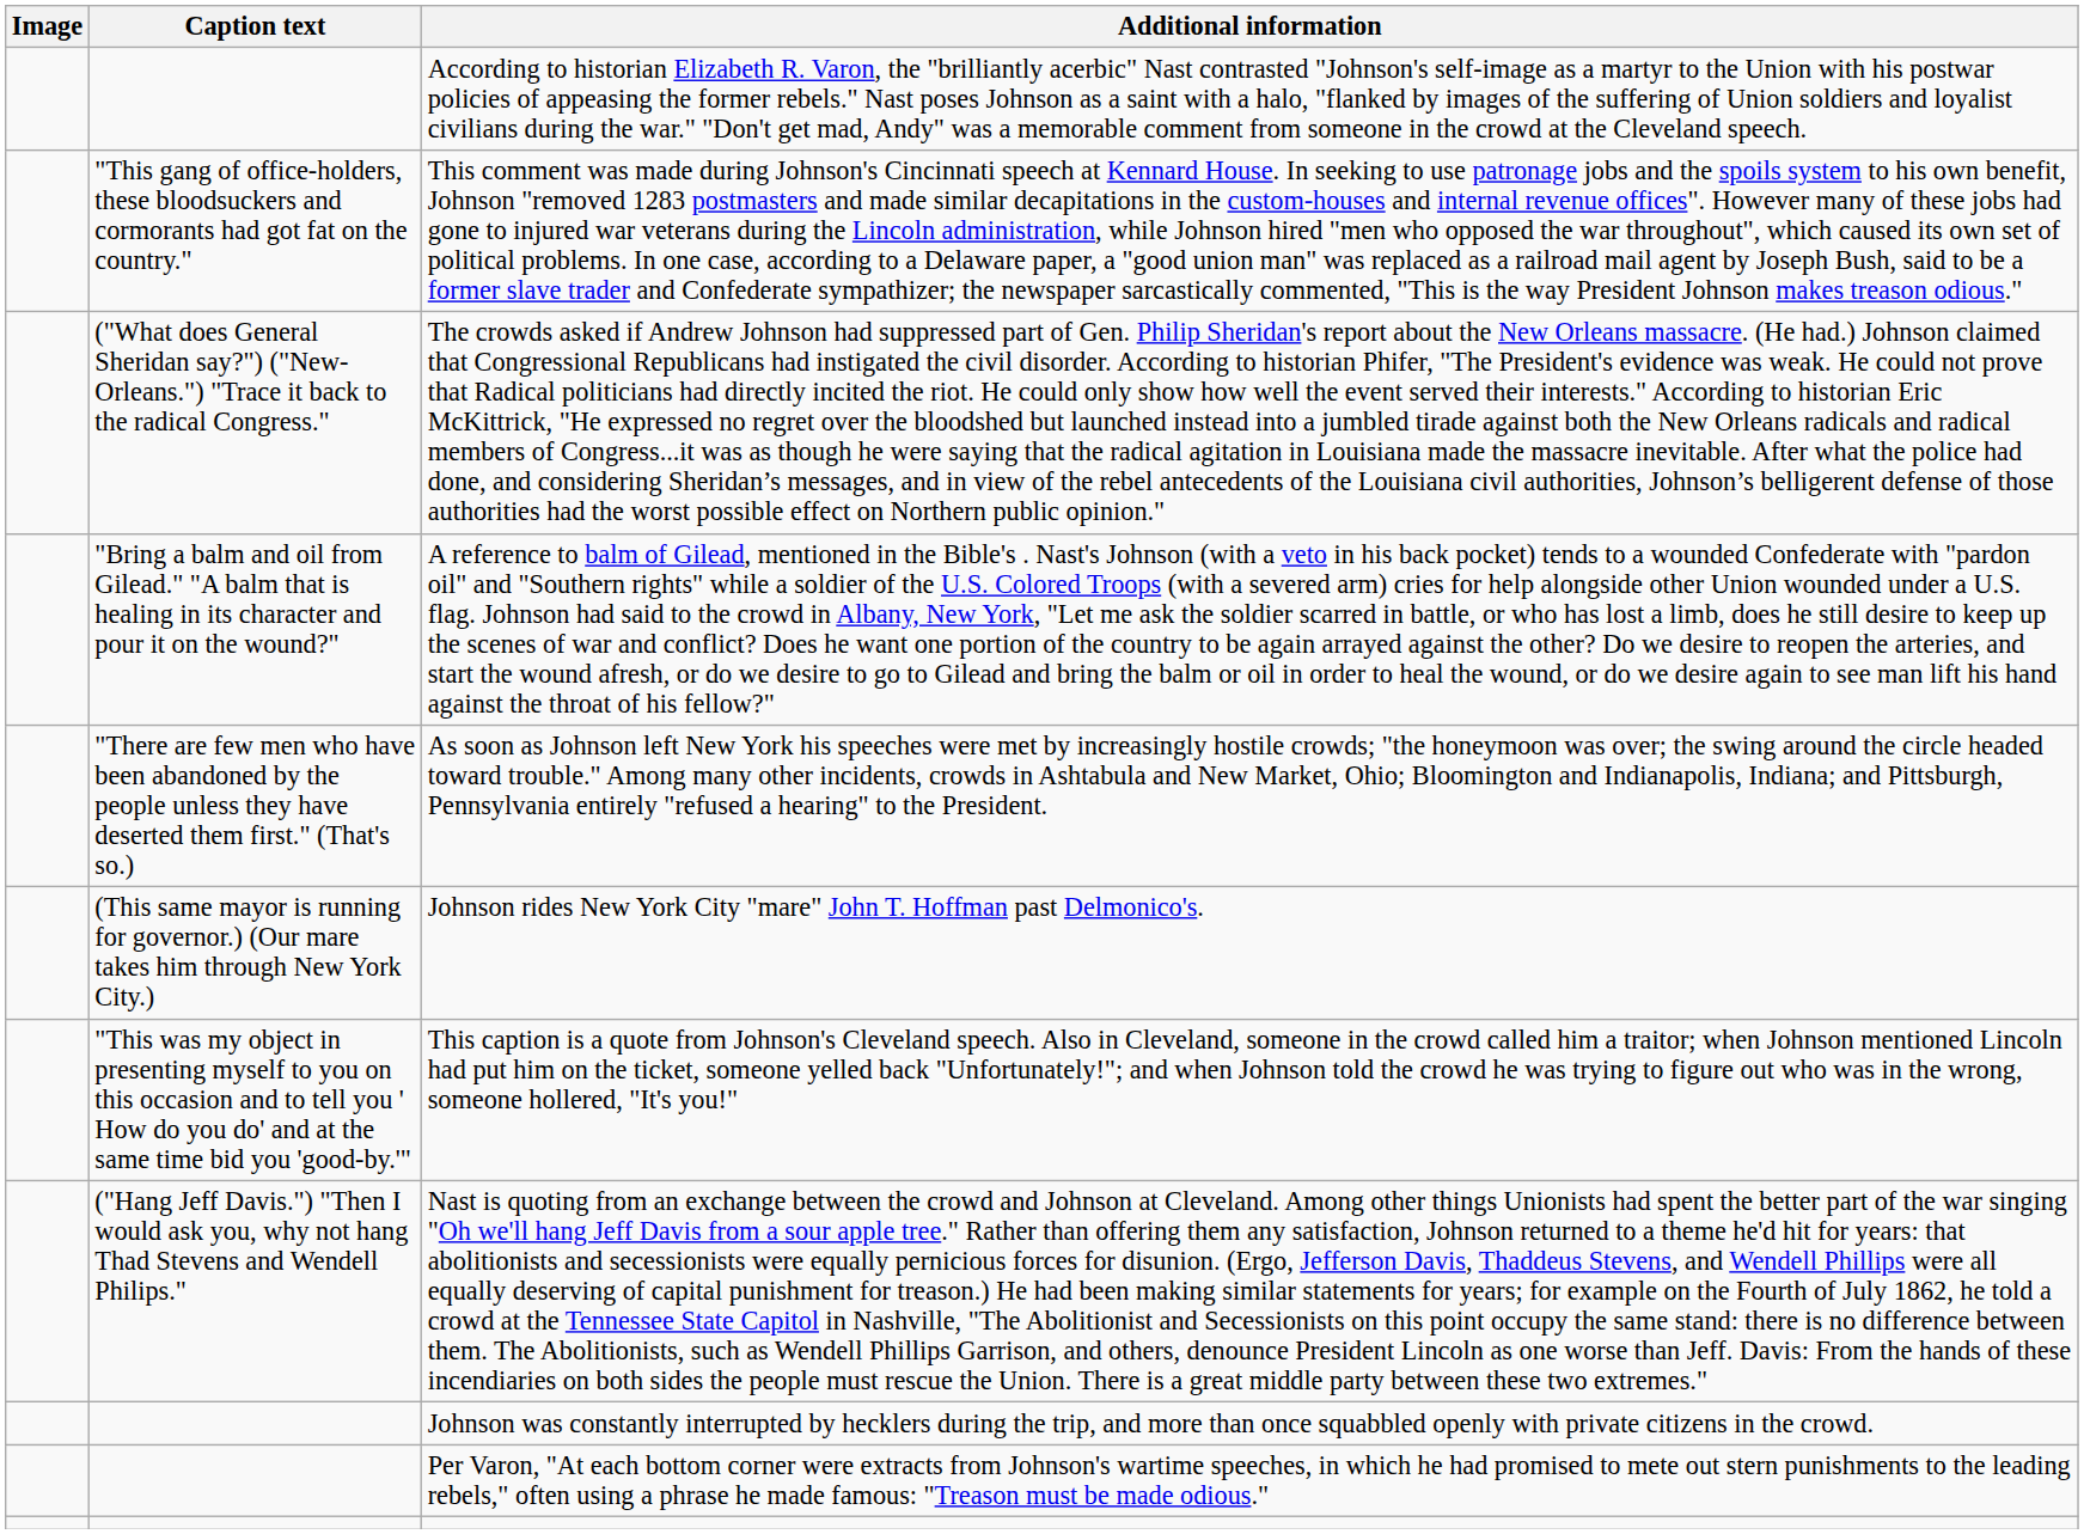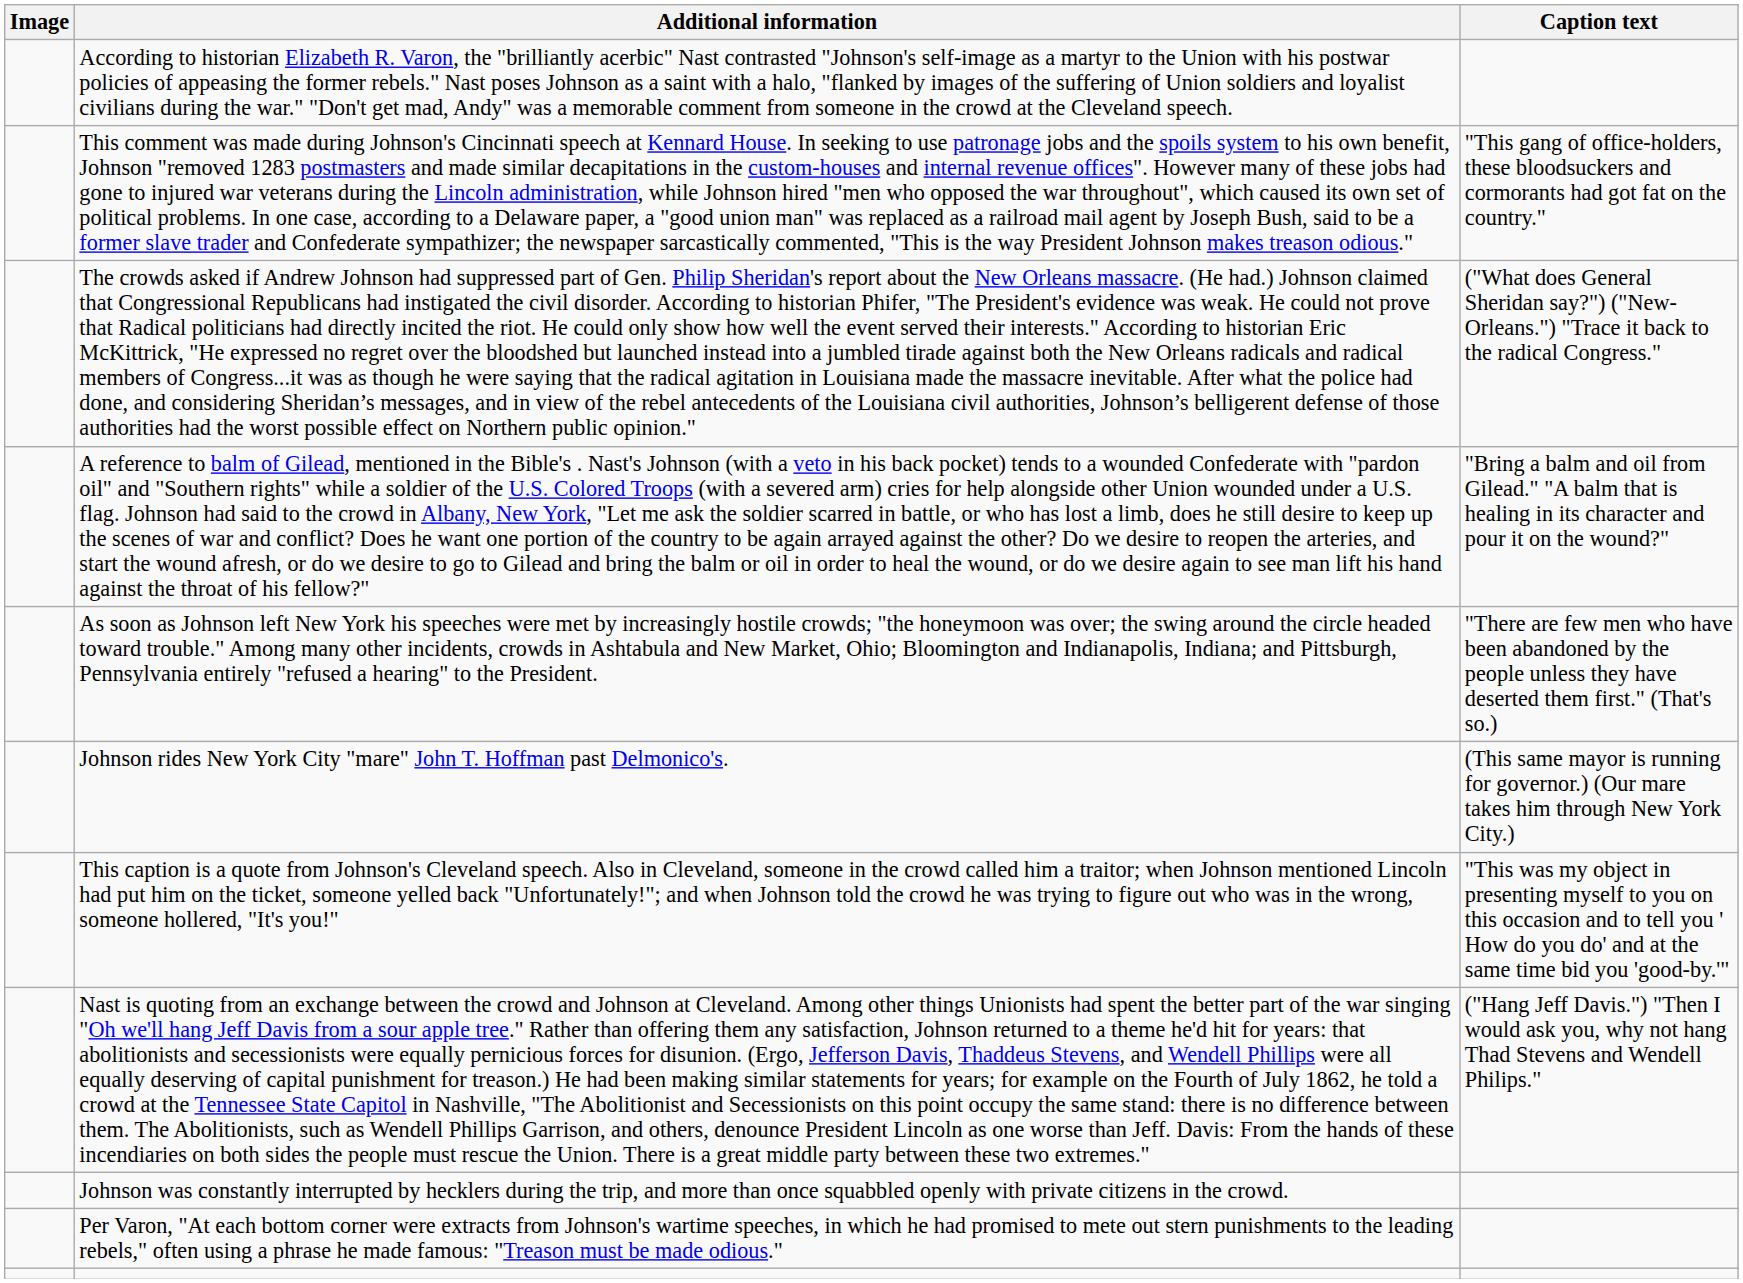 <table class="wikitable">
 <tr>
 <th>Image</th>
+<th>Additional information</th>
 <th>Caption text</th>
-<th>Additional information</th>
 </tr>
 <tr valign="top">
 <td></td>
+<td>According to historian <a href='#'>Elizabeth R. Varon</a>, the "brilliantly acerbic" Nast contrasted "Johnson's self-image as a martyr to the Union with his postwar policies of appeasing the former rebels." Nast poses Johnson as a saint with a halo, "flanked by images of the suffering of Union soldiers and loyalist civilians during the war." "Don't get mad, Andy" was a memorable comment from someone in the crowd at the Cleveland speech.</td>
 <td><br></td>
-<td>According to historian <a href='#'>Elizabeth R. Varon</a>, the "brilliantly acerbic" Nast contrasted "Johnson's self-image as a martyr to the Union with his postwar policies of appeasing the former rebels." Nast poses Johnson as a saint with a halo, "flanked by images of the suffering of Union soldiers and loyalist civilians during the war." "Don't get mad, Andy" was a memorable comment from someone in the crowd at the Cleveland speech.</td>
 </tr>
 <tr valign="top">
 <td></td>
+<td>This comment was made during Johnson's Cincinnati speech at <a href='#'>Kennard House</a>. In seeking to use <a href='#'>patronage</a> jobs and the <a href='#'>spoils system</a> to his own benefit, Johnson "removed 1283 <a href='#'>postmasters</a> and made similar decapitations in the <a href='#'>custom-houses</a> and <a href='#'>internal revenue offices</a>". However many of these jobs had gone to injured war veterans during the <a href='#'>Lincoln administration</a>, while Johnson hired "men who opposed the war throughout", which caused its own set of political problems. In one case, according to a Delaware paper, a "good union man" was replaced as a railroad mail agent by Joseph Bush, said to be a <a href='#'>former slave trader</a> and Confederate sympathizer; the newspaper sarcastically commented, "This is the way President Johnson <a href='#'>makes treason odious</a>."</td>
 <td>"This gang of office-holders, these bloodsuckers and cormorants had got fat on the country."</td>
-<td>This comment was made during Johnson's Cincinnati speech at <a href='#'>Kennard House</a>. In seeking to use <a href='#'>patronage</a> jobs and the <a href='#'>spoils system</a> to his own benefit, Johnson "removed 1283 <a href='#'>postmasters</a> and made similar decapitations in the <a href='#'>custom-houses</a> and <a href='#'>internal revenue offices</a>". However many of these jobs had gone to injured war veterans during the <a href='#'>Lincoln administration</a>, while Johnson hired "men who opposed the war throughout", which caused its own set of political problems. In one case, according to a Delaware paper, a "good union man" was replaced as a railroad mail agent by Joseph Bush, said to be a <a href='#'>former slave trader</a> and Confederate sympathizer; the newspaper sarcastically commented, "This is the way President Johnson <a href='#'>makes treason odious</a>."</td>
 </tr>
 <tr valign="top">
 <td></td>
+<td>The crowds asked if Andrew Johnson had suppressed part of Gen. <a href='#'>Philip Sheridan</a>'s report about the <a href='#'>New Orleans massacre</a>. (He had.) Johnson claimed that Congressional Republicans had instigated the civil disorder. According to historian Phifer, "The President's evidence was weak. He could not prove that Radical politicians had directly incited the riot. He could only show how well the event served their interests." According to historian Eric McKittrick, "He expressed no regret over the bloodshed but launched instead into a jumbled tirade against both the New Orleans radicals and radical members of Congress...it was as though he were saying that the radical agitation in Louisiana made the massacre inevitable. After what the police had done, and considering Sheridan’s messages, and in view of the rebel antecedents of the Louisiana civil authorities, Johnson’s belligerent defense of those authorities had the worst possible effect on Northern public opinion."</td>
 <td>("What does General Sheridan say?") ("New-Orleans.") "Trace it back to the radical Congress."</td>
-<td>The crowds asked if Andrew Johnson had suppressed part of Gen. <a href='#'>Philip Sheridan</a>'s report about the <a href='#'>New Orleans massacre</a>. (He had.) Johnson claimed that Congressional Republicans had instigated the civil disorder. According to historian Phifer, "The President's evidence was weak. He could not prove that Radical politicians had directly incited the riot. He could only show how well the event served their interests." According to historian Eric McKittrick, "He expressed no regret over the bloodshed but launched instead into a jumbled tirade against both the New Orleans radicals and radical members of Congress...it was as though he were saying that the radical agitation in Louisiana made the massacre inevitable. After what the police had done, and considering Sheridan’s messages, and in view of the rebel antecedents of the Louisiana civil authorities, Johnson’s belligerent defense of those authorities had the worst possible effect on Northern public opinion."</td>
 </tr>
 <tr valign="top">
 <td></td>
+<td>A reference to <a href='#'>balm of Gilead</a>, mentioned in the Bible's . Nast's Johnson (with a <a href='#'>veto</a> in his back pocket) tends to a wounded Confederate with "pardon oil" and "Southern rights" while a soldier of the <a href='#'>U.S. Colored Troops</a> (with a severed arm) cries for help alongside other Union wounded under a U.S. flag. Johnson had said to the crowd in <a href='#'>Albany, New York</a>, "Let me ask the soldier scarred in battle, or who has lost a limb, does he still desire to keep up the scenes of war and conflict? Does he want one portion of the country to be again arrayed against the other? Do we desire to reopen the arteries, and start the wound afresh, or do we desire to go to Gilead and bring the balm or oil in order to heal the wound, or do we desire again to see man lift his hand against the throat of his fellow?"</td>
 <td>"Bring a balm and oil from Gilead." "A balm that is healing in its character and pour it on the wound?"</td>
-<td>A reference to <a href='#'>balm of Gilead</a>, mentioned in the Bible's . Nast's Johnson (with a <a href='#'>veto</a> in his back pocket) tends to a wounded Confederate with "pardon oil" and "Southern rights" while a soldier of the <a href='#'>U.S. Colored Troops</a> (with a severed arm) cries for help alongside other Union wounded under a U.S. flag. Johnson had said to the crowd in <a href='#'>Albany, New York</a>, "Let me ask the soldier scarred in battle, or who has lost a limb, does he still desire to keep up the scenes of war and conflict? Does he want one portion of the country to be again arrayed against the other? Do we desire to reopen the arteries, and start the wound afresh, or do we desire to go to Gilead and bring the balm or oil in order to heal the wound, or do we desire again to see man lift his hand against the throat of his fellow?"</td>
 </tr>
 <tr valign="top">
 <td></td>
+<td>As soon as Johnson left New York his speeches were met by increasingly hostile crowds; "the honeymoon was over; the swing around the circle headed toward trouble." Among many other incidents, crowds in Ashtabula and New Market, Ohio; Bloomington and Indianapolis, Indiana; and Pittsburgh, Pennsylvania entirely "refused a hearing" to the President.</td>
 <td>"There are few men who have been abandoned by the people unless they have deserted them first." (That's so.)</td>
-<td>As soon as Johnson left New York his speeches were met by increasingly hostile crowds; "the honeymoon was over; the swing around the circle headed toward trouble." Among many other incidents, crowds in Ashtabula and New Market, Ohio; Bloomington and Indianapolis, Indiana; and Pittsburgh, Pennsylvania entirely "refused a hearing" to the President.</td>
 </tr>
 <tr valign="top">
 <td></td>
+<td>Johnson rides New York City "mare" <a href='#'>John T. Hoffman</a> past <a href='#'>Delmonico's</a>.</td>
 <td>(This same mayor is running for governor.) (Our mare takes him through New York City.)</td>
-<td>Johnson rides New York City "mare" <a href='#'>John T. Hoffman</a> past <a href='#'>Delmonico's</a>.</td>
 </tr>
 <tr valign="top">
 <td></td>
+<td>This caption is a quote from Johnson's Cleveland speech. Also in Cleveland, someone in the crowd called him a traitor; when Johnson mentioned Lincoln had put him on the ticket, someone yelled back "Unfortunately!"; and when Johnson told the crowd he was trying to figure out who was in the wrong, someone hollered, "It's you!"</td>
 <td>"This was my object in presenting myself to you on this occasion and to tell you ' How do you do' and at the same time bid you 'good-by.'"</td>
-<td>This caption is a quote from Johnson's Cleveland speech. Also in Cleveland, someone in the crowd called him a traitor; when Johnson mentioned Lincoln had put him on the ticket, someone yelled back "Unfortunately!"; and when Johnson told the crowd he was trying to figure out who was in the wrong, someone hollered, "It's you!"</td>
 </tr>
 <tr valign="top">
 <td></td>
+<td>Nast is quoting from an exchange between the crowd and Johnson at Cleveland. Among other things Unionists had spent the better part of the war singing "<a href='#'>Oh we'll hang Jeff Davis from a sour apple tree</a>." Rather than offering them any satisfaction, Johnson returned to a theme he'd hit for years: that abolitionists and secessionists were equally pernicious forces for disunion. (Ergo, <a href='#'>Jefferson Davis</a>, <a href='#'>Thaddeus Stevens</a>, and <a href='#'>Wendell Phillips</a> were all equally deserving of capital punishment for treason.) He had been making similar statements for years; for example on the Fourth of July 1862, he told a crowd at the <a href='#'>Tennessee State Capitol</a> in Nashville, "The Abolitionist and Secessionists on this point occupy the same stand: there is no difference between them. The Abolitionists, such as Wendell Phillips Garrison, and others, denounce President Lincoln as one worse than Jeff. Davis: From the hands of these incendiaries on both sides the people must rescue the Union. There is a great middle party between these two extremes."</td>
 <td>("Hang Jeff Davis.") "Then I would ask you, why not hang Thad Stevens and Wendell Philips."</td>
-<td>Nast is quoting from an exchange between the crowd and Johnson at Cleveland. Among other things Unionists had spent the better part of the war singing "<a href='#'>Oh we'll hang Jeff Davis from a sour apple tree</a>." Rather than offering them any satisfaction, Johnson returned to a theme he'd hit for years: that abolitionists and secessionists were equally pernicious forces for disunion. (Ergo, <a href='#'>Jefferson Davis</a>, <a href='#'>Thaddeus Stevens</a>, and <a href='#'>Wendell Phillips</a> were all equally deserving of capital punishment for treason.) He had been making similar statements for years; for example on the Fourth of July 1862, he told a crowd at the <a href='#'>Tennessee State Capitol</a> in Nashville, "The Abolitionist and Secessionists on this point occupy the same stand: there is no difference between them. The Abolitionists, such as Wendell Phillips Garrison, and others, denounce President Lincoln as one worse than Jeff. Davis: From the hands of these incendiaries on both sides the people must rescue the Union. There is a great middle party between these two extremes."</td>
 </tr>
 <tr valign="top">
 <td></td>
+<td>Johnson was constantly interrupted by hecklers during the trip, and more than once squabbled openly with private citizens in the crowd.</td>
 <td></td>
-<td>Johnson was constantly interrupted by hecklers during the trip, and more than once squabbled openly with private citizens in the crowd.</td>
 </tr>
 <tr>
 <td></td>
+<td>Per Varon, "At each bottom corner were extracts from Johnson's wartime speeches, in which he had promised to mete out stern punishments to the leading rebels," often using a phrase he made famous: "<a href='#'>Treason must be made odious</a>."</td>
 <td></td>
-<td>Per Varon, "At each bottom corner were extracts from Johnson's wartime speeches, in which he had promised to mete out stern punishments to the leading rebels," often using a phrase he made famous: "<a href='#'>Treason must be made odious</a>."</td>
 </tr>
 <tr valign="top">
 <td></td>
 <td></td>
 <td></td>
 </tr>
 </table>
